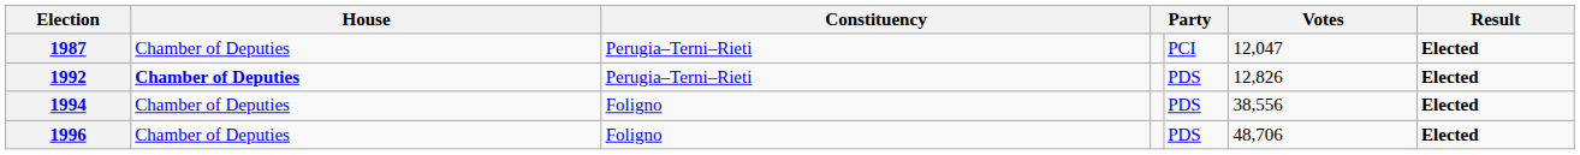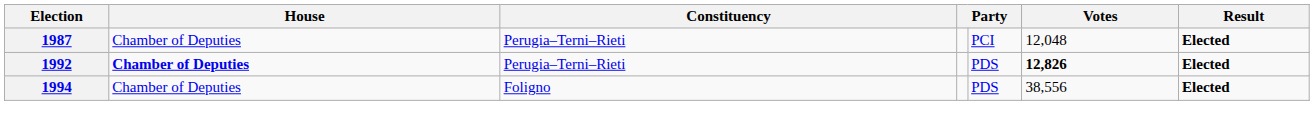 <table class=wikitable style="width:70%; border:1px #AAAAFF solid">
 <tr>
 <th width=8%>Election</th>
 <th width=30%>House</th>
 <th width=35%>Constituency</th>
 <th width=5% colspan="2">Party</th>
 <th width=12%>Votes</th>
 <th width=12%>Result</th>
 </tr>
 <tr>
 <th><a href='#'>1987</a></th>
 <td><a href='#'>Chamber of Deputies</a></td>
 <td><a href='#'>Perugia–Terni–Rieti</a></td>
 <td></td>
 <td><a href='#'>PCI</a></td>
-<td>12,047</td>
+<td>12,048</td>
 <td> <strong>Elected</strong></td>
 </tr>
 <tr>
 <th><a href='#'>1992</a></th>
 <td><strong><a href='#'>Chamber of Deputies</a></strong></td>
 <td><a href='#'>Perugia–Terni–Rieti</a></td>
 <td></td>
 <td><a href='#'>PDS</a></td>
-<td>12,826</td>
+<td><strong>12,826</strong></td>
 <td> <strong>Elected</strong></td>
 </tr>
 <tr>
 <th><a href='#'>1994</a></th>
 <td><a href='#'>Chamber of Deputies</a></td>
 <td><a href='#'>Foligno</a></td>
 <td></td>
 <td><a href='#'>PDS</a></td>
 <td>38,556</td>
 <td> <strong>Elected</strong></td>
 </tr>
-<tr>
-<th><a href='#'>1996</a></th>
-<td><a href='#'>Chamber of Deputies</a></td>
-<td><a href='#'>Foligno</a></td>
-<td></td>
-<td><a href='#'>PDS</a></td>
-<td>48,706</td>
-<td> <strong>Elected</strong></td>
-</tr>
 </table>
